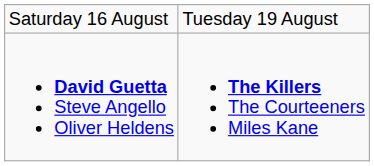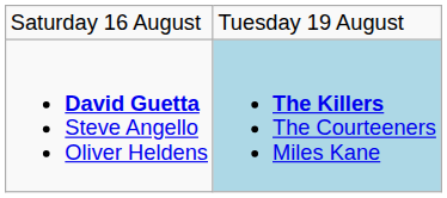 <table class="wikitable">
 <tr>
 <td>Saturday 16 August</td>
 <td>Tuesday 19 August</td>
 </tr>
 <tr valign="top">
 <td><br><ul><li><strong><a href='#'>David Guetta</a></strong></li><li><a href='#'>Steve Angello</a></li><li><a href='#'>Oliver Heldens</a></li></ul></td>
-<td><br><ul><li><strong><a href='#'>The Killers</a></strong></li><li><a href='#'>The Courteeners</a></li><li><a href='#'>Miles Kane</a></li></ul></td>
+<td style="background: lightblue;"><br><ul><li><strong><a href='#'>The Killers</a></strong></li><li><a href='#'>The Courteeners</a></li><li><a href='#'>Miles Kane</a></li></ul></td>
 </tr>
 </table>
